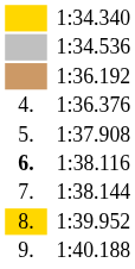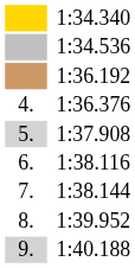 <table style="text-align:center">
 <tr>
 <td width=30 bgcolor=gold></td>
 <td align=left></td>
 <td>1:34.340</td>
 </tr>
 <tr>
 <td bgcolor=silver></td>
 <td align=left></td>
 <td>1:34.536</td>
 </tr>
 <tr>
 <td bgcolor=cc9966></td>
 <td align=left></td>
 <td>1:36.192</td>
 </tr>
 <tr>
 <td>4.</td>
 <td align=left></td>
 <td>1:36.376</td>
 </tr>
 <tr>
-<td>5.</td>
+<td style="background: lightgrey;">5.</td>
 <td align=left></td>
 <td>1:37.908</td>
 </tr>
 <tr>
-<td><strong>6.</strong></td>
+<td>6.</td>
 <td align=left></td>
 <td>1:38.116</td>
 </tr>
 <tr>
 <td>7.</td>
 <td align=left></td>
 <td>1:38.144</td>
 </tr>
 <tr>
-<td style="background: gold;">8.</td>
+<td>8.</td>
 <td align=left></td>
 <td>1:39.952</td>
 </tr>
 <tr>
-<td>9.</td>
+<td style="background: lightgrey;">9.</td>
 <td align=left></td>
 <td>1:40.188</td>
 </tr>
 </table>
